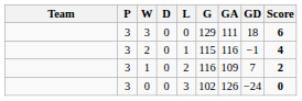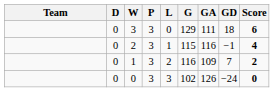 <table class="wikitable" style="text-align:center;">
 <tr>
 <th width=150>Team</th>
+<th width=20>D</th>
+<th width=20>W</th>
 <th width=20>P</th>
-<th width=20>W</th>
-<th width=20>D</th>
 <th width=20>L</th>
 <th width=20>G</th>
 <th width=20>GA</th>
 <th width=21>GD</th>
 <th width=20>Score</th>
 </tr>
 <tr>
 <td align="left"></td>
+<td>0</td>
 <td>3</td>
 <td>3</td>
-<td>0</td>
 <td>0</td>
 <td>129</td>
 <td>111</td>
 <td>18</td>
 <td><strong>6</strong></td>
 </tr>
 <tr>
 <td align="left"></td>
+<td>0</td>
+<td>2</td>
 <td>3</td>
-<td>2</td>
-<td>0</td>
 <td>1</td>
 <td>115</td>
 <td>116</td>
 <td>−1</td>
 <td><strong>4</strong></td>
 </tr>
 <tr>
 <td align="left"></td>
+<td>0</td>
+<td>1</td>
 <td>3</td>
-<td>1</td>
-<td>0</td>
 <td>2</td>
 <td>116</td>
 <td>109</td>
 <td>7</td>
 <td><strong>2</strong></td>
 </tr>
 <tr>
 <td align="left"></td>
-<td>3</td>
 <td>0</td>
 <td>0</td>
+<td>3</td>
 <td>3</td>
 <td>102</td>
 <td>126</td>
 <td>−24</td>
 <td><strong>0</strong></td>
 </tr>
 </table>
